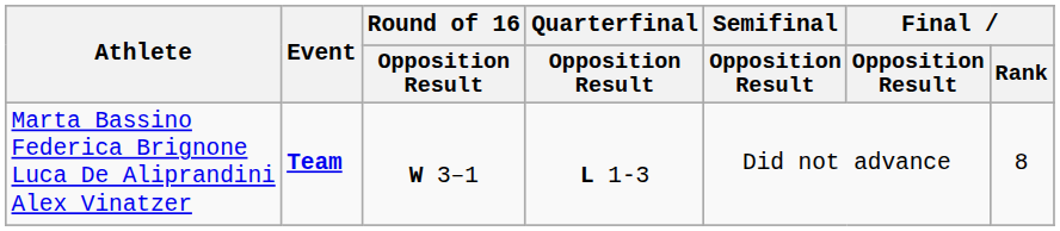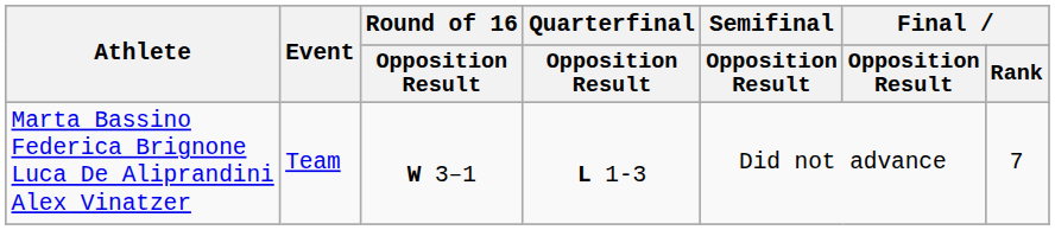 <table class=wikitable style=font-size:90%>
 <tr>
 <th rowspan=2>Athlete</th>
 <th rowspan=2>Event</th>
 <th>Round of 16</th>
 <th>Quarterfinal</th>
 <th>Semifinal</th>
 <th colspan=2>Final / </th>
 </tr>
 <tr style=font-size:95%>
 <th>Opposition<br>Result</th>
 <th>Opposition<br>Result</th>
 <th>Opposition<br>Result</th>
 <th>Opposition<br>Result</th>
 <th>Rank</th>
 </tr>
 <tr align=center>
 <td align=left><a href='#'>Marta Bassino</a><br><a href='#'>Federica Brignone</a><br><a href='#'>Luca De Aliprandini</a><br><a href='#'>Alex Vinatzer</a></td>
-<td align=left><strong><a href='#'>Team</a></strong></td>
+<td align=left><a href='#'>Team</a></td>
 <td><br><strong>W</strong> 3–1</td>
 <td><br><strong>L</strong> 1-3</td>
 <td colspan=2>Did not advance</td>
-<td>8</td>
+<td>7</td>
 </tr>
 </table>
